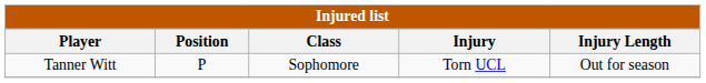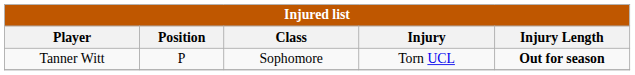 <table class="wikitable" style="text-align:center">
 <tr>
 <td colspan="5" style= "background: #BF5700; color:white"><strong>Injured list</strong></td>
 </tr>
 <tr>
 <th style="width:150px; ">Player</th>
 <th style="width:90px; ">Position</th>
 <th style="width:150px; ">Class</th>
 <th style="width:150px; ">Injury</th>
 <th style="width:150px; ">Injury Length</th>
 </tr>
 <tr>
 <td>Tanner Witt</td>
 <td>P</td>
 <td>Sophomore</td>
 <td>Torn <a href='#'>UCL</a></td>
-<td>Out for season</td>
+<td><strong>Out for season</strong></td>
 </tr>
 <tr>
 </tr>
 </table>
